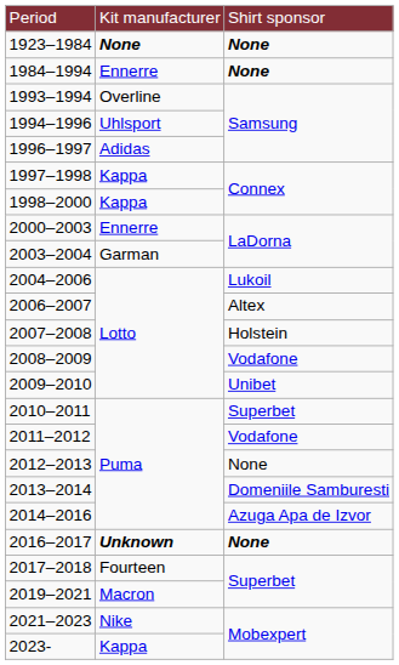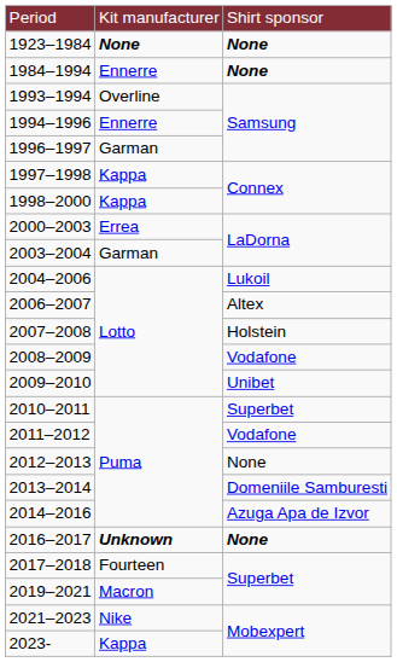 <table class="wikitable">
 <tr>
 <td style="background:#822d35;color:#fefefe;">Period</td>
 <td style="background:#822d35;color:#fefefe;">Kit manufacturer</td>
 <td style="background:#822d35;color:#fefefe;">Shirt sponsor</td>
 </tr>
 <tr>
 <td>1923–1984</td>
 <td><strong><em>None</em></strong></td>
 <td><strong><em>None</em></strong></td>
 </tr>
 <tr>
 <td>1984–1994</td>
 <td> <a href='#'>Ennerre</a></td>
 <td rowspan="1"><strong><em>None</em></strong></td>
 </tr>
 <tr>
 <td>1993–1994</td>
 <td>Overline</td>
 <td rowspan="3"> <a href='#'>Samsung</a></td>
 </tr>
 <tr>
 <td>1994–1996</td>
-<td> <a href='#'>Uhlsport</a></td>
+<td> <a href='#'>Ennerre</a></td>
 </tr>
 <tr>
 <td>1996–1997</td>
-<td> <a href='#'>Adidas</a></td>
+<td> Garman</td>
 </tr>
 <tr>
 <td>1997–1998</td>
 <td> <a href='#'>Kappa</a></td>
 <td rowspan="2"> <a href='#'>Connex</a></td>
 </tr>
 <tr>
 <td>1998–2000</td>
 <td> <a href='#'>Kappa</a></td>
 </tr>
 <tr>
 <td>2000–2003</td>
-<td> <a href='#'>Ennerre</a></td>
+<td> <a href='#'>Errea</a></td>
 <td rowspan="2"> <a href='#'>LaDorna</a></td>
 </tr>
 <tr>
 <td>2003–2004</td>
 <td> Garman</td>
 </tr>
 <tr>
 <td>2004–2006</td>
 <td rowspan="5"> <a href='#'>Lotto</a></td>
 <td> <a href='#'>Lukoil</a></td>
 </tr>
 <tr>
 <td>2006–2007</td>
 <td> Altex</td>
 </tr>
 <tr>
 <td>2007–2008</td>
 <td>Holstein</td>
 </tr>
 <tr>
 <td>2008–2009</td>
 <td> <a href='#'>Vodafone</a></td>
 </tr>
 <tr>
 <td>2009–2010</td>
 <td rowspan="1"> <a href='#'>Unibet</a></td>
 </tr>
 <tr>
 <td>2010–2011</td>
 <td rowspan="5"> <a href='#'>Puma</a></td>
 <td> <a href='#'>Superbet</a></td>
 </tr>
 <tr>
 <td>2011–2012</td>
 <td> <a href='#'>Vodafone</a></td>
 </tr>
 <tr>
 <td>2012–2013</td>
 <td>None</td>
 </tr>
 <tr>
 <td>2013–2014</td>
 <td> <a href='#'>Domeniile Samburesti</a></td>
 </tr>
 <tr>
 <td>2014–2016</td>
 <td rowspan="1"> <a href='#'>Azuga Apa de Izvor</a></td>
 </tr>
 <tr>
 <td>2016–2017</td>
 <td rowspan="1"><strong><em>Unknown</em></strong></td>
 <td><strong><em>None</em></strong></td>
 </tr>
 <tr>
 <td>2017–2018</td>
 <td> Fourteen</td>
 <td rowspan="3"> <a href='#'>Superbet</a></td>
 </tr>
 <tr>
 <td>2019–2021</td>
 <td> <a href='#'>Macron</a></td>
 </tr>
 <tr>
 <td rowspan="2">2021–2023</td>
 <td rowspan="2"> <a href='#'>Nike</a></td>
 </tr>
 <tr>
 <td rowspan="2"> <a href='#'>Mobexpert</a></td>
 </tr>
 <tr>
 <td>2023-</td>
 <td> <a href='#'>Kappa</a></td>
 </tr>
 </table>
